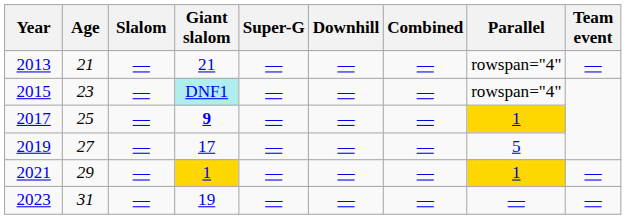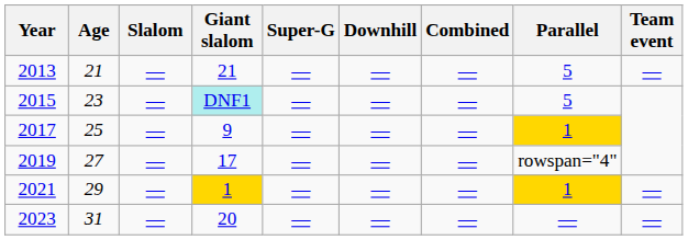 <table class=wikitable style="text-align:center">
 <tr>
 <th>  Year  </th>
 <th> Age </th>
 <th> Slalom </th>
 <th>Giant<br> slalom </th>
 <th>Super-G</th>
 <th>Downhill</th>
 <th>Combined</th>
 <th>Parallel</th>
 <th>Team<br> event </th>
 </tr>
 <tr>
 <td><a href='#'>2013</a></td>
 <td><em>21</em></td>
 <td><a href='#'>—</a></td>
 <td><a href='#'>21</a></td>
 <td><a href='#'>—</a></td>
 <td><a href='#'>—</a></td>
 <td><a href='#'>—</a></td>
-<td>rowspan="4" </td>
+<td><a href='#'>5</a></td>
 <td><a href='#'>—</a></td>
 </tr>
 <tr>
 <td><a href='#'>2015</a></td>
 <td><em>23</em></td>
 <td><a href='#'>—</a></td>
 <td style="background: paleturquoise;"><a href='#'>DNF1</a></td>
 <td><a href='#'>—</a></td>
 <td><a href='#'>—</a></td>
 <td><a href='#'>—</a></td>
-<td>rowspan="4" </td>
+<td><a href='#'>5</a></td>
 </tr>
 <tr>
 <td><a href='#'>2017</a></td>
 <td><em>25</em></td>
 <td><a href='#'>—</a></td>
-<td><strong><a href='#'>9</a></strong></td>
+<td><a href='#'>9</a></td>
 <td><a href='#'>—</a></td>
 <td><a href='#'>—</a></td>
 <td><a href='#'>—</a></td>
 <td style="background:gold;"><a href='#'>1</a></td>
 </tr>
 <tr>
 <td><a href='#'>2019</a></td>
 <td><em>27</em></td>
 <td><a href='#'>—</a></td>
 <td><a href='#'>17</a></td>
 <td><a href='#'>—</a></td>
 <td><a href='#'>—</a></td>
 <td><a href='#'>—</a></td>
-<td><a href='#'>5</a></td>
+<td>rowspan="4" </td>
 </tr>
 <tr>
 <td><a href='#'>2021</a></td>
 <td><em>29</em></td>
 <td><a href='#'>—</a></td>
 <td style="background:gold;"><a href='#'>1</a></td>
 <td><a href='#'>—</a></td>
 <td><a href='#'>—</a></td>
 <td><a href='#'>—</a></td>
 <td style="background:gold;"><a href='#'>1</a></td>
 <td><a href='#'>—</a></td>
 </tr>
 <tr>
 <td><a href='#'>2023</a></td>
 <td><em>31</em></td>
 <td><a href='#'>—</a></td>
-<td><a href='#'>19</a></td>
+<td><a href='#'>20</a></td>
 <td><a href='#'>—</a></td>
 <td><a href='#'>—</a></td>
 <td><a href='#'>—</a></td>
 <td><a href='#'>—</a></td>
 <td><a href='#'>—</a></td>
 </tr>
 </table>
